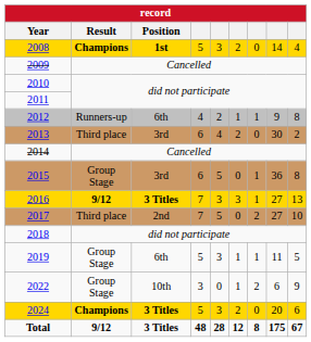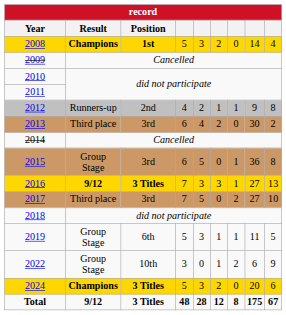 <table class="wikitable" style="text-align: center;">
 <tr>
 <th colspan=9 style="background: #CE1126; color: #FFFFFF;"><a href='#'></a> record</th>
 </tr>
 <tr>
 <th width="90">Year</th>
 <th width="80">Result</th>
 <th width="80">Position</th>
 <th width="20"></th>
 <th width="20"></th>
 <th width="20"></th>
 <th width="20"></th>
 <th width="20"></th>
 <th width="20"></th>
 </tr>
 <tr bgcolor=Gold>
 <td> <a href='#'>2008</a></td>
 <td><strong>Champions</strong></td>
 <td><strong>1st</strong></td>
 <td>5</td>
 <td>3</td>
 <td>2</td>
 <td>0</td>
 <td>14</td>
 <td>4</td>
 </tr>
 <tr>
 <td> <s><a href='#'>2009</a></s></td>
 <td colspan=8><em>Cancelled</em></td>
 </tr>
 <tr>
 <td> <a href='#'>2010</a></td>
 <td rowspan=2 colspan=8><em>did not participate</em></td>
 </tr>
 <tr>
 <td> <a href='#'>2011</a></td>
 </tr>
 <tr bgcolor=Silver>
 <td> <a href='#'>2012</a></td>
 <td>Runners-up</td>
-<td>6th</td>
+<td>2nd</td>
 <td>4</td>
 <td>2</td>
 <td>1</td>
 <td>1</td>
 <td>9</td>
 <td>8</td>
 </tr>
 <tr bgcolor=cc9966>
 <td> <a href='#'>2013</a></td>
 <td>Third place</td>
 <td>3rd</td>
 <td>6</td>
 <td>4</td>
 <td>2</td>
 <td>0</td>
 <td>30</td>
 <td>2</td>
 </tr>
 <tr>
 <td> <s>2014</s></td>
 <td colspan=8><em>Cancelled</em></td>
 </tr>
 <tr bgcolor=cc9966>
 <td> <a href='#'>2015</a></td>
 <td>Group Stage</td>
 <td>3rd</td>
 <td>6</td>
 <td>5</td>
 <td>0</td>
 <td>1</td>
 <td>36</td>
 <td>8</td>
 </tr>
 <tr bgcolor=Gold>
 <td> <a href='#'>2016</a></td>
 <td><strong>9/12</strong></td>
 <td><strong>3 Titles</strong></td>
 <td>7</td>
 <td>3</td>
 <td>3</td>
 <td>1</td>
 <td>27</td>
 <td>13</td>
 </tr>
 <tr bgcolor=cc9966>
 <td> <a href='#'>2017</a></td>
 <td>Third place</td>
-<td>2nd</td>
+<td>3rd</td>
 <td>7</td>
 <td>5</td>
 <td>0</td>
 <td>2</td>
 <td>27</td>
 <td>10</td>
 </tr>
 <tr>
 <td> <a href='#'>2018</a></td>
 <td colspan=8><em>did not participate</em></td>
 </tr>
 <tr>
 <td> <a href='#'>2019</a></td>
 <td>Group Stage</td>
 <td>6th</td>
 <td>5</td>
 <td>3</td>
 <td>1</td>
 <td>1</td>
 <td>11</td>
 <td>5</td>
 </tr>
 <tr>
 <td> <a href='#'>2022</a></td>
 <td>Group Stage</td>
 <td>10th</td>
 <td>3</td>
 <td>0</td>
 <td>1</td>
 <td>2</td>
 <td>6</td>
 <td>9</td>
 </tr>
 <tr bgcolor=Gold>
 <td> <a href='#'>2024</a></td>
 <td><strong>Champions</strong></td>
 <td><strong>3 Titles</strong></td>
 <td>5</td>
 <td>3</td>
 <td>2</td>
 <td>0</td>
 <td>20</td>
 <td>6</td>
 </tr>
 <tr>
 <td><strong>Total</strong></td>
 <td><strong>9/12</strong></td>
 <td><strong>3 Titles</strong></td>
 <td><strong>48</strong></td>
 <td><strong>28</strong></td>
 <td><strong>12</strong></td>
 <td><strong>8</strong></td>
 <td><strong>175</strong></td>
 <td><strong>67</strong></td>
 </tr>
 </table>
